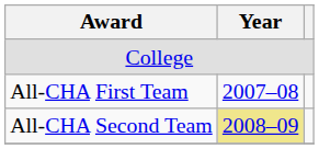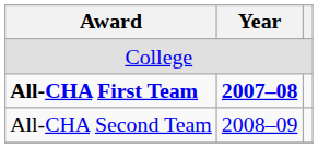 <table class="wikitable">
 <tr>
 <th>Award</th>
 <th>Year</th>
 <th></th>
 </tr>
 <tr ALIGN="center" bgcolor="#e0e0e0">
 <td colspan="3"><a href='#'>College</a></td>
 </tr>
 <tr>
-<td>All-<a href='#'>CHA</a> <a href='#'>First Team</a></td>
-<td><a href='#'>2007–08</a></td>
+<td><strong>All-<a href='#'>CHA</a> <a href='#'>First Team</a></strong></td>
+<td><strong><a href='#'>2007–08</a></strong></td>
 <td></td>
 </tr>
 <tr>
 <td>All-<a href='#'>CHA</a> <a href='#'>Second Team</a></td>
-<td style="background: khaki;"><a href='#'>2008–09</a></td>
+<td><a href='#'>2008–09</a></td>
 <td></td>
 </tr>
 <tr>
 </tr>
 </table>
